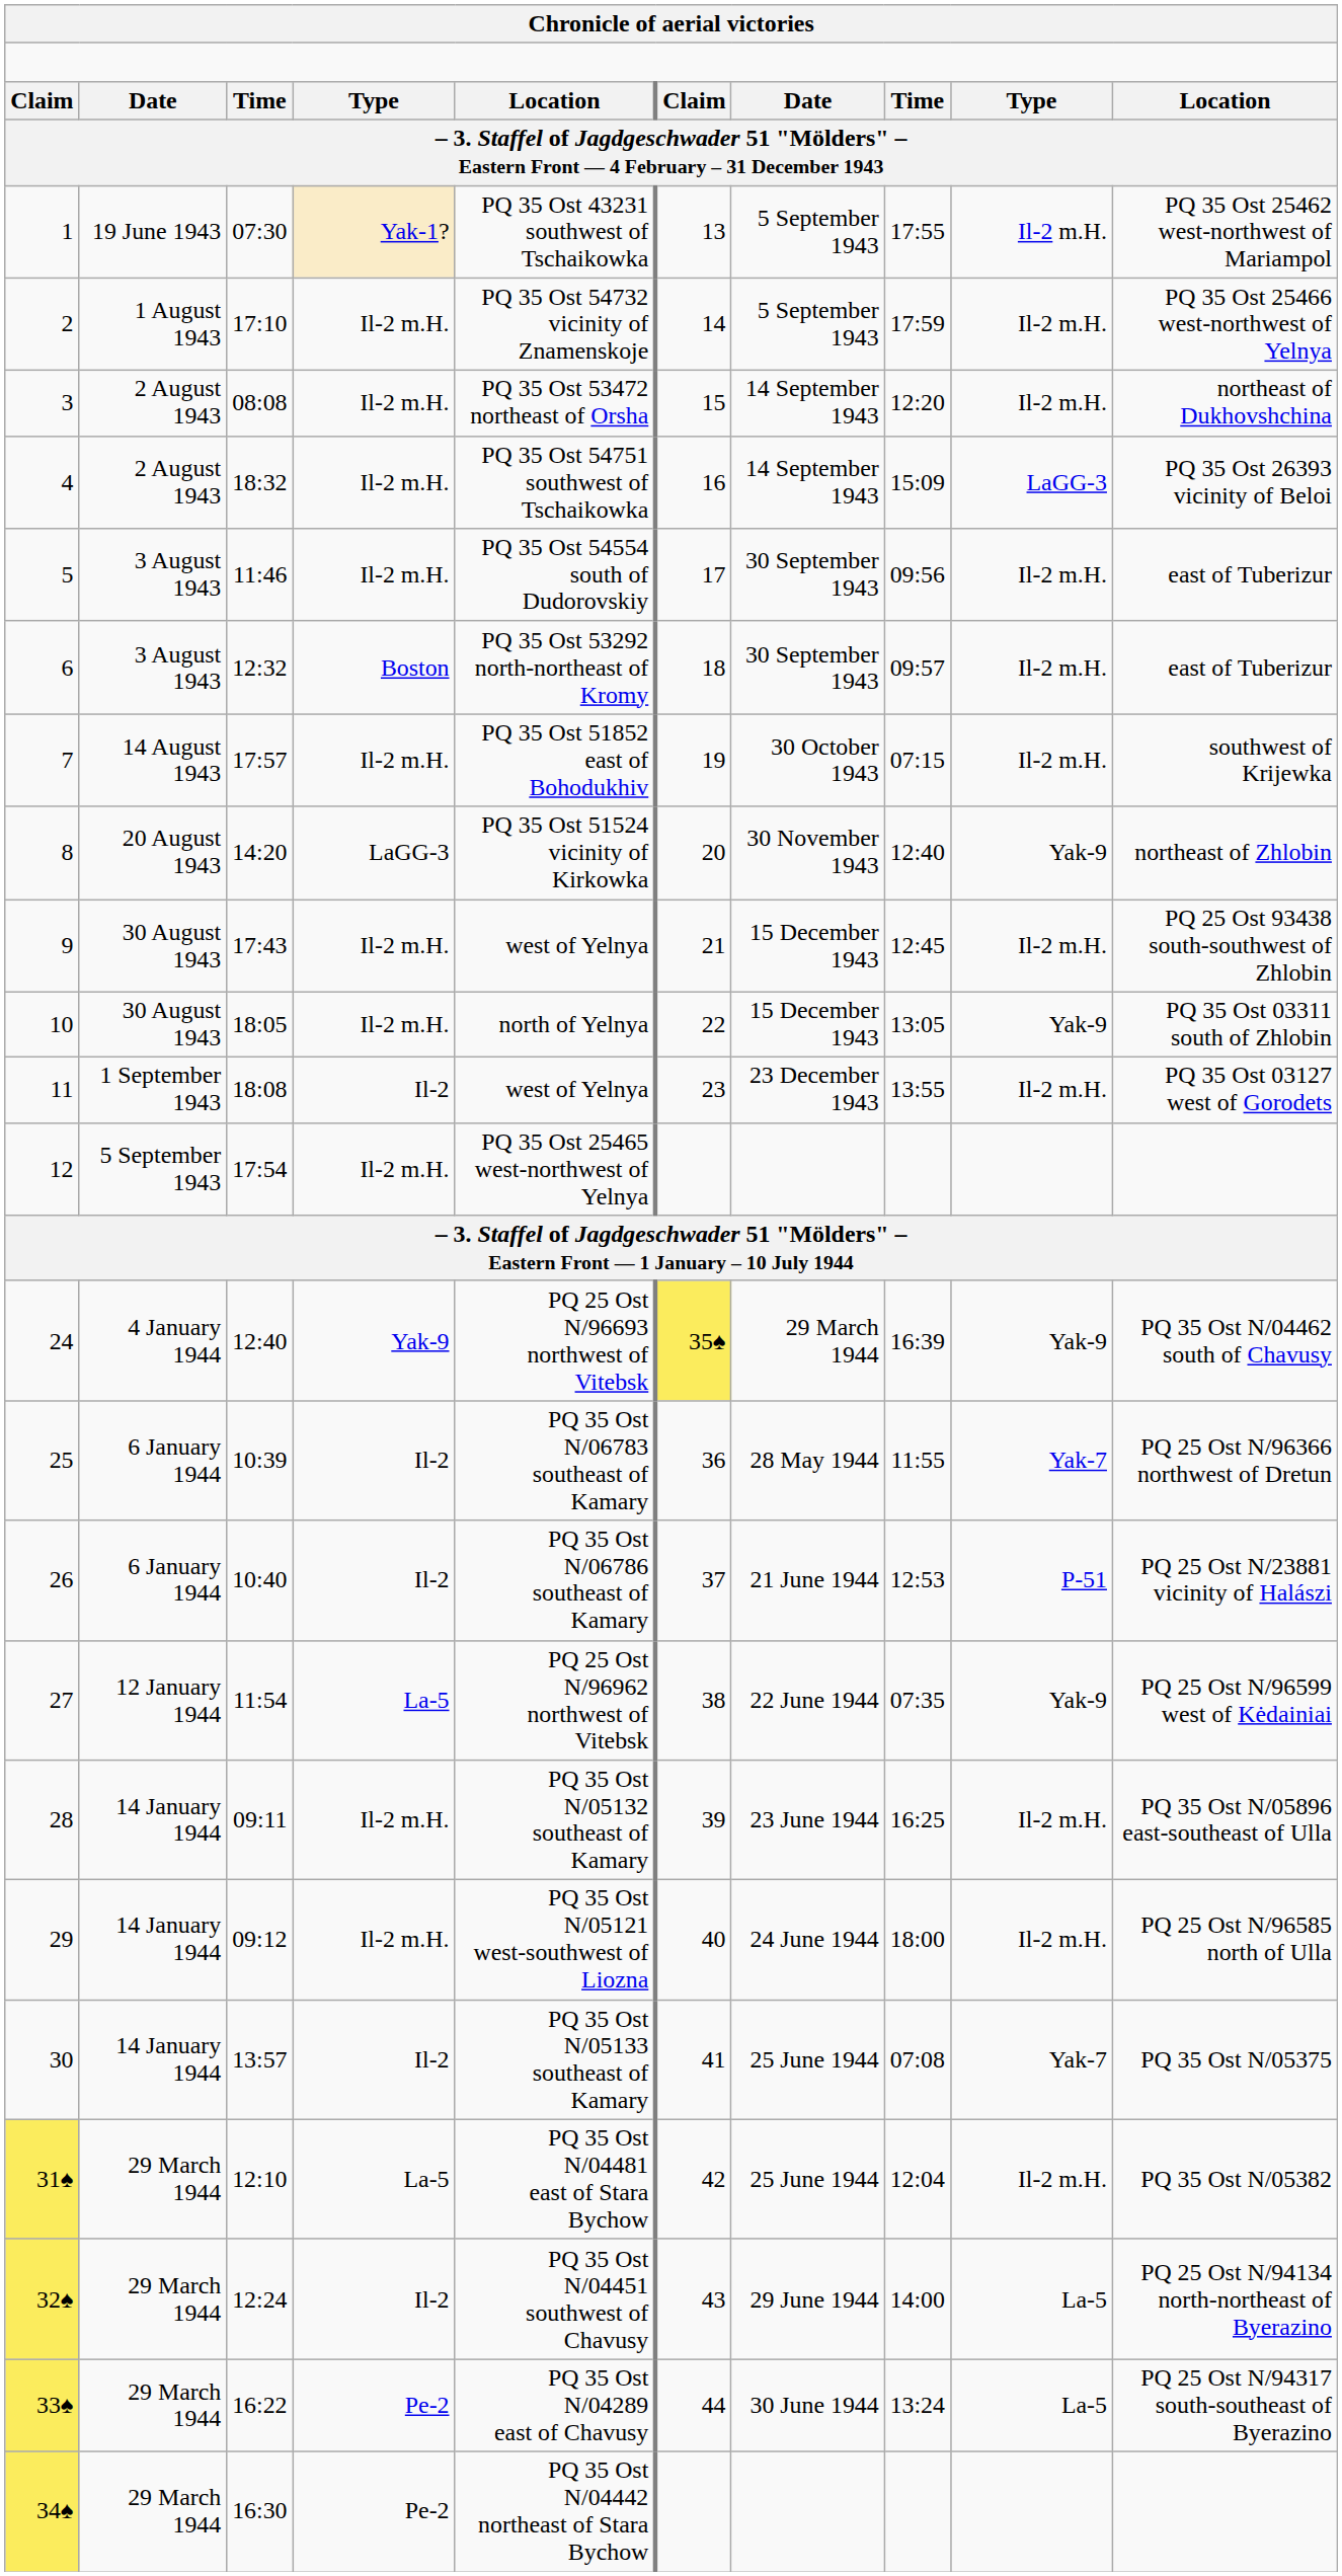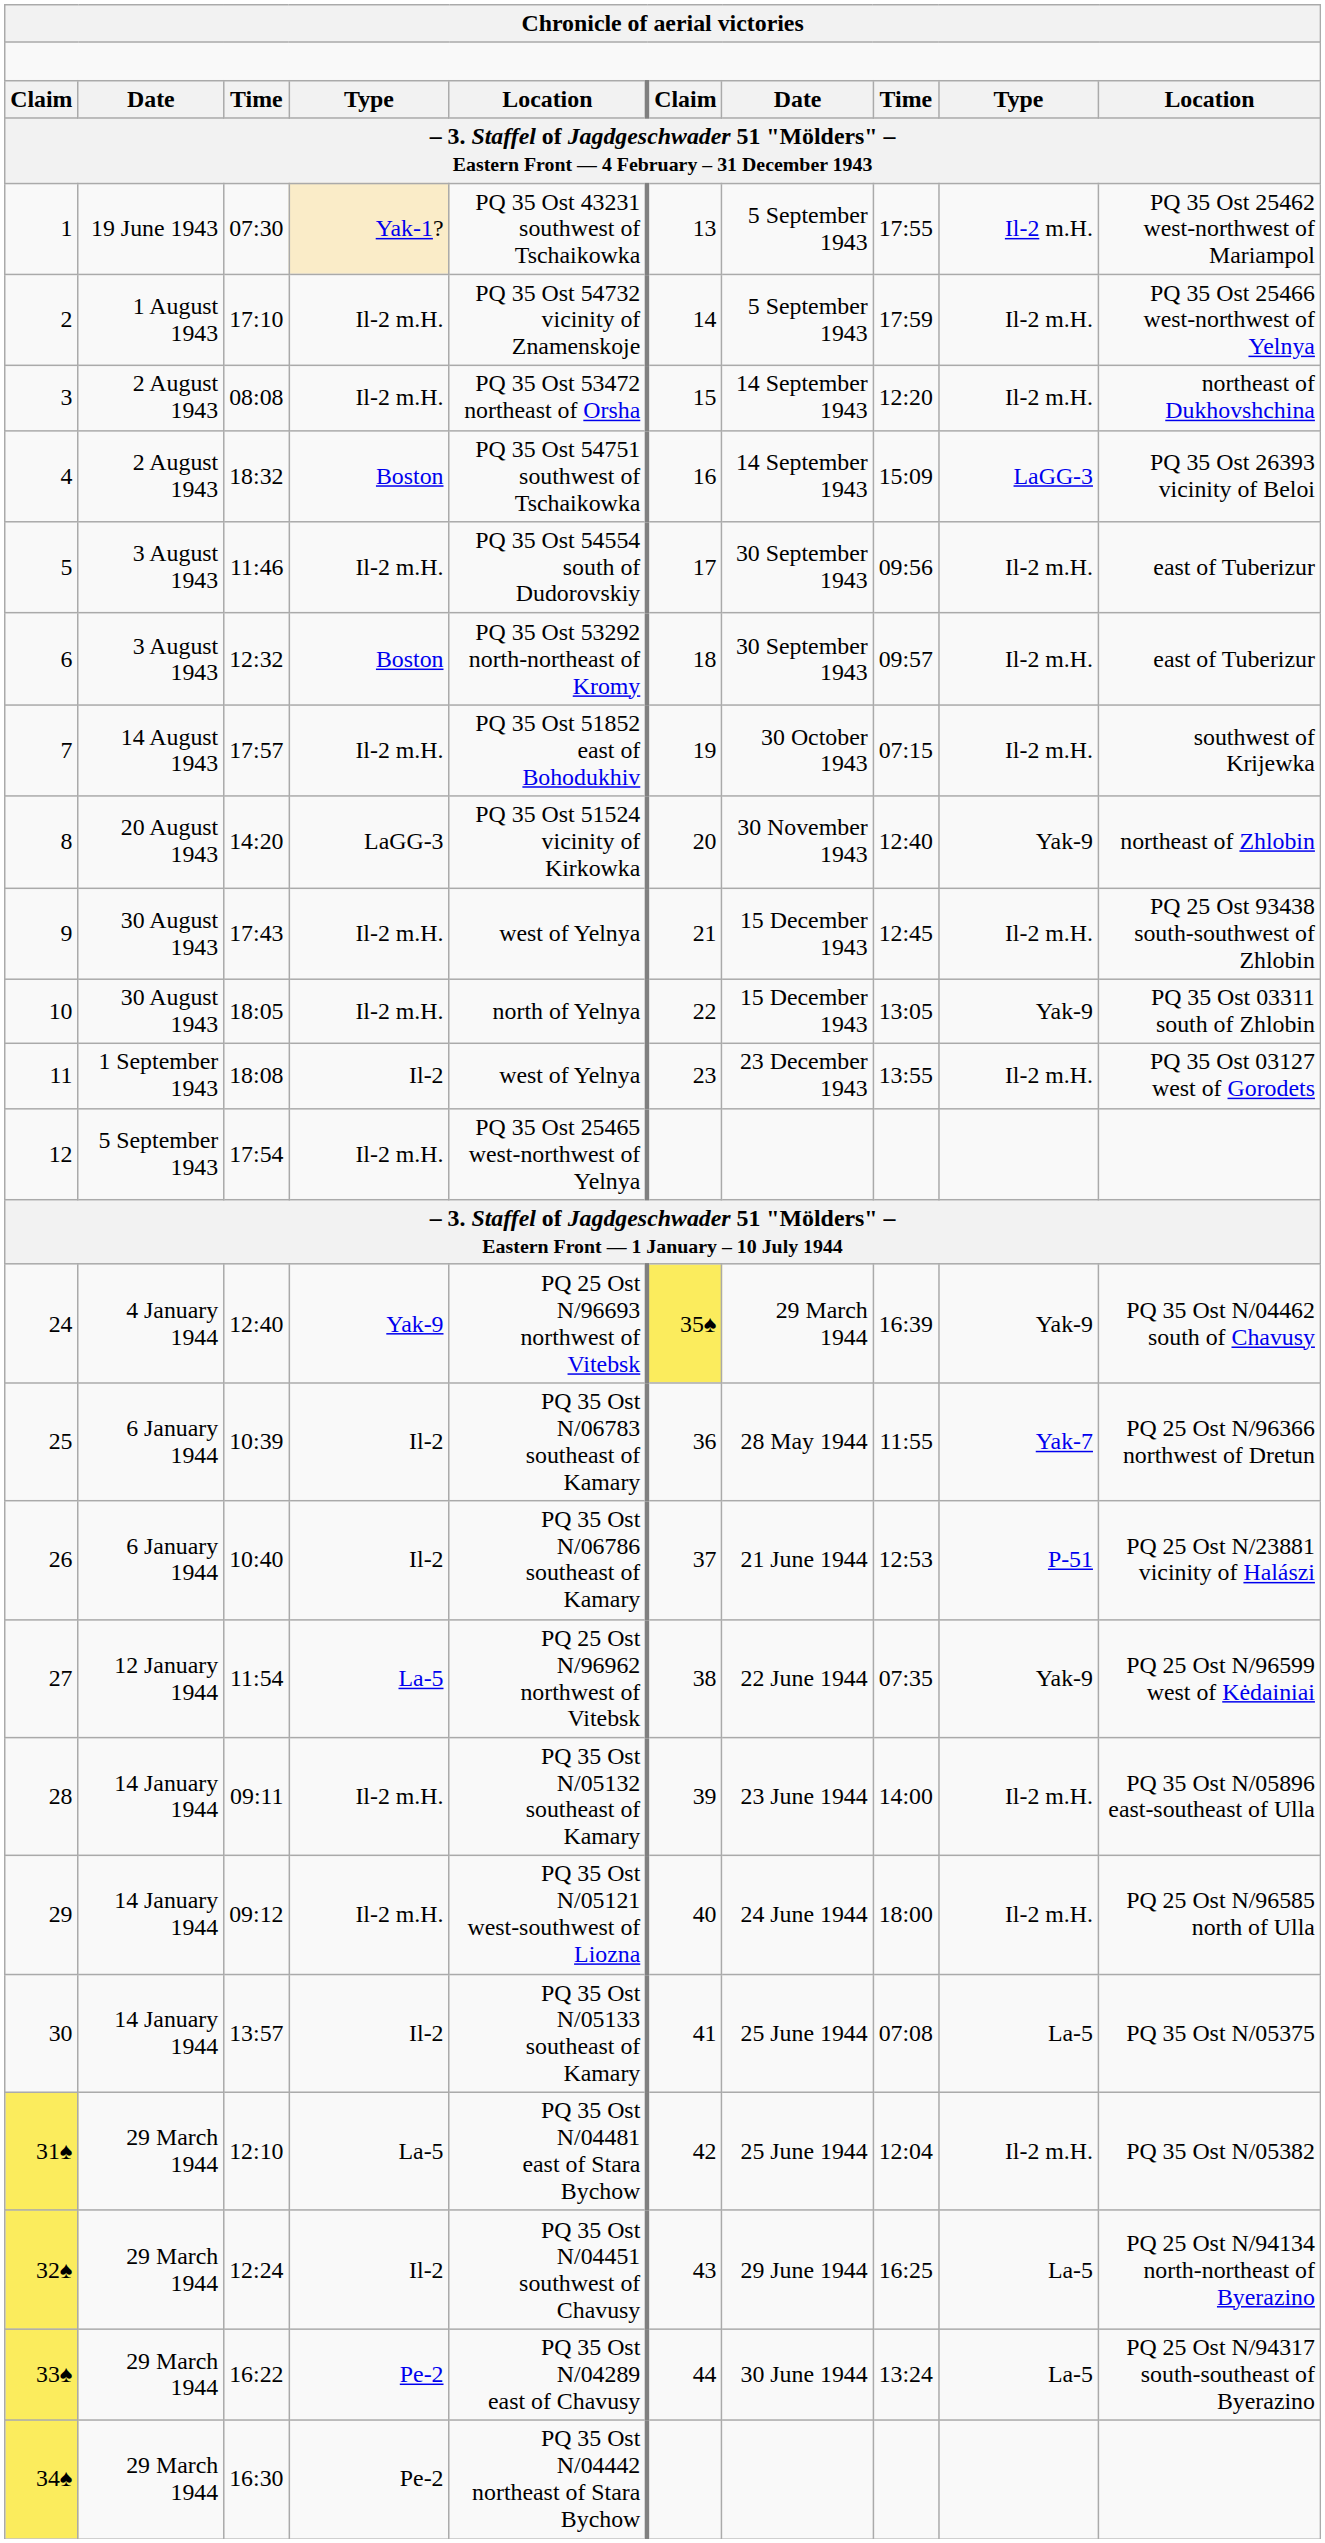 <table class="wikitable plainrowheaders collapsible" style="margin-left: auto; margin-right: auto; border: none; text-align:right; width: 100%;">
 <tr>
 <th colspan="10">Chronicle of aerial victories</th>
 </tr>
 <tr>
 <td colspan="10" style="text-align: left;"><br> </td>
 </tr>
 <tr>
 <th scope="col">Claim</th>
 <th scope="col">Date</th>
 <th scope="col">Time</th>
 <th scope="col" width="100px">Type</th>
 <th scope="col">Location</th>
 <th scope="col" style="border-left: 3px solid grey;">Claim</th>
 <th scope="col">Date</th>
 <th scope="col">Time</th>
 <th scope="col" width="100px">Type</th>
 <th scope="col">Location</th>
 </tr>
 <tr>
 <th colspan="10">– 3. <em>Staffel</em> of <em>Jagdgeschwader</em> 51 "Mölders" –<br><small>Eastern Front — 4 February – 31 December 1943</small></th>
 </tr>
 <tr>
 <td>1</td>
 <td>19 June 1943</td>
 <td>07:30</td>
 <td style="background:#faecc8"><a href='#'>Yak-1</a>?</td>
 <td>PQ 35 Ost 43231<br> southwest of Tschaikowka</td>
 <td style="border-left: 3px solid grey;">13</td>
 <td>5 September 1943</td>
 <td>17:55</td>
 <td><a href='#'>Il-2</a> m.H.</td>
 <td>PQ 35 Ost 25462<br> west-northwest of Mariampol</td>
 </tr>
 <tr>
 <td>2</td>
 <td>1 August 1943</td>
 <td>17:10</td>
 <td>Il-2 m.H.</td>
 <td>PQ 35 Ost 54732<br>vicinity of Znamenskoje</td>
 <td style="border-left: 3px solid grey;">14</td>
 <td>5 September 1943</td>
 <td>17:59</td>
 <td>Il-2 m.H.</td>
 <td>PQ 35 Ost 25466<br> west-northwest of <a href='#'>Yelnya</a></td>
 </tr>
 <tr>
 <td>3</td>
 <td>2 August 1943</td>
 <td>08:08</td>
 <td>Il-2 m.H.</td>
 <td>PQ 35 Ost 53472<br> northeast of <a href='#'>Orsha</a></td>
 <td style="border-left: 3px solid grey;">15</td>
 <td>14 September 1943</td>
 <td>12:20</td>
 <td>Il-2 m.H.</td>
 <td>northeast of <a href='#'>Dukhovshchina</a></td>
 </tr>
 <tr>
 <td>4</td>
 <td>2 August 1943</td>
 <td>18:32</td>
-<td>Il-2 m.H.</td>
+<td><a href='#'>Boston</a></td>
 <td>PQ 35 Ost 54751<br> southwest of Tschaikowka</td>
 <td style="border-left: 3px solid grey;">16</td>
 <td>14 September 1943</td>
 <td>15:09</td>
 <td><a href='#'>LaGG-3</a></td>
 <td>PQ 35 Ost 26393<br>vicinity of Beloi</td>
 </tr>
 <tr>
 <td>5</td>
 <td>3 August 1943</td>
 <td>11:46</td>
 <td>Il-2 m.H.</td>
 <td>PQ 35 Ost 54554<br> south of Dudorovskiy</td>
 <td style="border-left: 3px solid grey;">17</td>
 <td>30 September 1943</td>
 <td>09:56</td>
 <td>Il-2 m.H.</td>
 <td>east of Tuberizur</td>
 </tr>
 <tr>
 <td>6</td>
 <td>3 August 1943</td>
 <td>12:32</td>
 <td><a href='#'>Boston</a></td>
 <td>PQ 35 Ost 53292<br> north-northeast of <a href='#'>Kromy</a></td>
 <td style="border-left: 3px solid grey;">18</td>
 <td>30 September 1943</td>
 <td>09:57</td>
 <td>Il-2 m.H.</td>
 <td>east of Tuberizur</td>
 </tr>
 <tr>
 <td>7</td>
 <td>14 August 1943</td>
 <td>17:57</td>
 <td>Il-2 m.H.</td>
 <td>PQ 35 Ost 51852<br> east of <a href='#'>Bohodukhiv</a></td>
 <td style="border-left: 3px solid grey;">19</td>
 <td>30 October 1943</td>
 <td>07:15</td>
 <td>Il-2 m.H.</td>
 <td>southwest of Krijewka</td>
 </tr>
 <tr>
 <td>8</td>
 <td>20 August 1943</td>
 <td>14:20</td>
 <td>LaGG-3</td>
 <td>PQ 35 Ost 51524<br>vicinity of Kirkowka</td>
 <td style="border-left: 3px solid grey;">20</td>
 <td>30 November 1943</td>
 <td>12:40</td>
 <td>Yak-9</td>
 <td>northeast of <a href='#'>Zhlobin</a></td>
 </tr>
 <tr>
 <td>9</td>
 <td>30 August 1943</td>
 <td>17:43</td>
 <td>Il-2 m.H.</td>
 <td>west of Yelnya</td>
 <td style="border-left: 3px solid grey;">21</td>
 <td>15 December 1943</td>
 <td>12:45</td>
 <td>Il-2 m.H.</td>
 <td>PQ 25 Ost 93438<br> south-southwest of Zhlobin</td>
 </tr>
 <tr>
 <td>10</td>
 <td>30 August 1943</td>
 <td>18:05</td>
 <td>Il-2 m.H.</td>
 <td>north of Yelnya</td>
 <td style="border-left: 3px solid grey;">22</td>
 <td>15 December 1943</td>
 <td>13:05</td>
 <td>Yak-9</td>
 <td>PQ 35 Ost 03311<br> south of Zhlobin</td>
 </tr>
 <tr>
 <td>11</td>
 <td>1 September 1943</td>
 <td>18:08</td>
 <td>Il-2</td>
 <td>west of Yelnya</td>
 <td style="border-left: 3px solid grey;">23</td>
 <td>23 December 1943</td>
 <td>13:55</td>
 <td>Il-2 m.H.</td>
 <td>PQ 35 Ost 03127<br> west of <a href='#'>Gorodets</a></td>
 </tr>
 <tr>
 <td>12</td>
 <td>5 September 1943</td>
 <td>17:54</td>
 <td>Il-2 m.H.</td>
 <td>PQ 35 Ost 25465<br> west-northwest of Yelnya</td>
 <td style="border-left: 3px solid grey;"></td>
 <td></td>
 <td></td>
 <td></td>
 <td></td>
 </tr>
 <tr>
 <th colspan="10">– 3. <em>Staffel</em> of <em>Jagdgeschwader</em> 51 "Mölders" –<br><small>Eastern Front — 1 January – 10 July 1944</small></th>
 </tr>
 <tr>
 <td>24</td>
 <td>4 January 1944</td>
 <td>12:40</td>
 <td><a href='#'>Yak-9</a></td>
 <td>PQ 25 Ost N/96693<br> northwest of <a href='#'>Vitebsk</a></td>
 <td style="border-left: 3px solid grey; background:#fbec5d;">35♠</td>
 <td>29 March 1944</td>
 <td>16:39</td>
 <td>Yak-9</td>
 <td>PQ 35 Ost N/04462<br> south of <a href='#'>Chavusy</a></td>
 </tr>
 <tr>
 <td>25</td>
 <td>6 January 1944</td>
 <td>10:39</td>
 <td>Il-2</td>
 <td>PQ 35 Ost N/06783<br> southeast of Kamary</td>
 <td style="border-left: 3px solid grey;">36</td>
 <td>28 May 1944</td>
 <td>11:55</td>
 <td><a href='#'>Yak-7</a></td>
 <td>PQ 25 Ost N/96366<br> northwest of Dretun</td>
 </tr>
 <tr>
 <td>26</td>
 <td>6 January 1944</td>
 <td>10:40</td>
 <td>Il-2</td>
 <td>PQ 35 Ost N/06786<br> southeast of Kamary</td>
 <td style="border-left: 3px solid grey;">37</td>
 <td>21 June 1944</td>
 <td>12:53</td>
 <td><a href='#'>P-51</a></td>
 <td>PQ 25 Ost N/23881<br>vicinity of <a href='#'>Halászi</a></td>
 </tr>
 <tr>
 <td>27</td>
 <td>12 January 1944</td>
 <td>11:54</td>
 <td><a href='#'>La-5</a></td>
 <td>PQ 25 Ost N/96962<br> northwest of Vitebsk</td>
 <td style="border-left: 3px solid grey;">38</td>
 <td>22 June 1944</td>
 <td>07:35</td>
 <td>Yak-9</td>
 <td>PQ 25 Ost N/96599<br> west of <a href='#'>Kėdainiai</a></td>
 </tr>
 <tr>
 <td>28</td>
 <td>14 January 1944</td>
 <td>09:11</td>
 <td>Il-2 m.H.</td>
 <td>PQ 35 Ost N/05132<br> southeast of Kamary</td>
 <td style="border-left: 3px solid grey;">39</td>
 <td>23 June 1944</td>
-<td>16:25</td>
+<td>14:00</td>
 <td>Il-2 m.H.</td>
 <td>PQ 35 Ost N/05896<br> east-southeast of Ulla</td>
 </tr>
 <tr>
 <td>29</td>
 <td>14 January 1944</td>
 <td>09:12</td>
 <td>Il-2 m.H.</td>
 <td>PQ 35 Ost N/05121<br> west-southwest of <a href='#'>Liozna</a></td>
 <td style="border-left: 3px solid grey;">40</td>
 <td>24 June 1944</td>
 <td>18:00</td>
 <td>Il-2 m.H.</td>
 <td>PQ 25 Ost N/96585<br> north of Ulla</td>
 </tr>
 <tr>
 <td>30</td>
 <td>14 January 1944</td>
 <td>13:57</td>
 <td>Il-2</td>
 <td>PQ 35 Ost N/05133<br> southeast of Kamary</td>
 <td style="border-left: 3px solid grey;">41</td>
 <td>25 June 1944</td>
 <td>07:08</td>
-<td>Yak-7</td>
+<td>La-5</td>
 <td>PQ 35 Ost N/05375</td>
 </tr>
 <tr>
 <td style="background:#fbec5d;">31♠</td>
 <td>29 March 1944</td>
 <td>12:10</td>
 <td>La-5</td>
 <td>PQ 35 Ost N/04481<br> east of Stara Bychow</td>
 <td style="border-left: 3px solid grey;">42</td>
 <td>25 June 1944</td>
 <td>12:04</td>
 <td>Il-2 m.H.</td>
 <td>PQ 35 Ost N/05382</td>
 </tr>
 <tr>
 <td style="background:#fbec5d;">32♠</td>
 <td>29 March 1944</td>
 <td>12:24</td>
 <td>Il-2</td>
 <td>PQ 35 Ost N/04451<br> southwest of Chavusy</td>
 <td style="border-left: 3px solid grey;">43</td>
 <td>29 June 1944</td>
-<td>14:00</td>
+<td>16:25</td>
 <td>La-5</td>
 <td>PQ 25 Ost N/94134<br> north-northeast of <a href='#'>Byerazino</a></td>
 </tr>
 <tr>
 <td style="background:#fbec5d;">33♠</td>
 <td>29 March 1944</td>
 <td>16:22</td>
 <td><a href='#'>Pe-2</a></td>
 <td>PQ 35 Ost N/04289<br> east of Chavusy</td>
 <td style="border-left: 3px solid grey;">44</td>
 <td>30 June 1944</td>
 <td>13:24</td>
 <td>La-5</td>
 <td>PQ 25 Ost N/94317<br> south-southeast of Byerazino</td>
 </tr>
 <tr>
 <td style="background:#fbec5d;">34♠</td>
 <td>29 March 1944</td>
 <td>16:30</td>
 <td>Pe-2</td>
 <td>PQ 35 Ost N/04442<br> northeast of Stara Bychow</td>
 <td style="border-left: 3px solid grey;"></td>
 <td></td>
 <td></td>
 <td></td>
 <td></td>
 </tr>
 </table>
